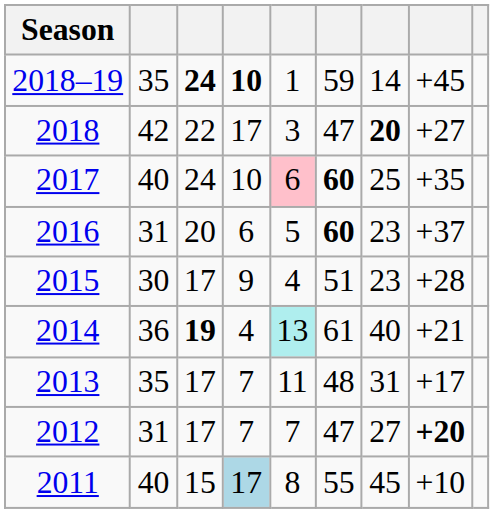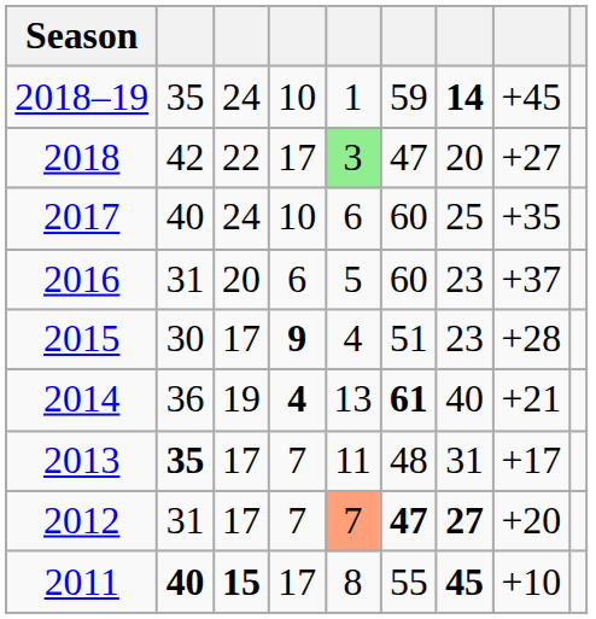 <table class="wikitable" style="text-align:center;">
 <tr>
 <th>Season</th>
 <th></th>
 <th></th>
 <th></th>
 <th></th>
 <th></th>
 <th></th>
 <th></th>
 <th></th>
 </tr>
 <tr>
 <td><a href='#'>2018–19</a></td>
 <td>35</td>
-<td><strong>24</strong></td>
-<td><strong>10</strong></td>
+<td>24</td>
+<td>10</td>
 <td>1</td>
 <td>59</td>
-<td>14</td>
+<td><strong>14</strong></td>
 <td>+45</td>
 <td></td>
 </tr>
 <tr>
 <td><a href='#'>2018</a></td>
 <td>42</td>
 <td>22</td>
 <td>17</td>
-<td>3</td>
+<td style="background: lightgreen;">3</td>
 <td>47</td>
-<td><strong>20</strong></td>
+<td>20</td>
 <td>+27</td>
 <td></td>
 </tr>
 <tr>
 <td><a href='#'>2017</a></td>
 <td>40</td>
 <td>24</td>
 <td>10</td>
-<td style="background: pink;">6</td>
-<td><strong>60</strong></td>
+<td>6</td>
+<td>60</td>
 <td>25</td>
 <td>+35</td>
 <td></td>
 </tr>
 <tr>
 <td><a href='#'>2016</a></td>
 <td>31</td>
 <td>20</td>
 <td>6</td>
 <td>5</td>
-<td><strong>60</strong></td>
+<td>60</td>
 <td>23</td>
 <td>+37</td>
 <td></td>
 </tr>
 <tr>
 <td><a href='#'>2015</a></td>
 <td>30</td>
 <td>17</td>
-<td>9</td>
+<td><strong>9</strong></td>
 <td>4</td>
 <td>51</td>
 <td>23</td>
 <td>+28</td>
 <td></td>
 </tr>
 <tr>
 <td><a href='#'>2014</a></td>
 <td>36</td>
-<td><strong>19</strong></td>
-<td>4</td>
-<td style="background: paleturquoise;">13</td>
-<td>61</td>
+<td>19</td>
+<td><strong>4</strong></td>
+<td>13</td>
+<td><strong>61</strong></td>
 <td>40</td>
 <td>+21</td>
 <td></td>
 </tr>
 <tr>
 <td><a href='#'>2013</a></td>
-<td>35</td>
+<td><strong>35</strong></td>
 <td>17</td>
 <td>7</td>
 <td>11</td>
 <td>48</td>
 <td>31</td>
 <td>+17</td>
 <td></td>
 </tr>
 <tr>
 <td><a href='#'>2012</a></td>
 <td>31</td>
 <td>17</td>
 <td>7</td>
-<td>7</td>
-<td>47</td>
-<td>27</td>
-<td><strong>+20</strong></td>
+<td style="background: lightsalmon;">7</td>
+<td><strong>47</strong></td>
+<td><strong>27</strong></td>
+<td>+20</td>
 <td></td>
 </tr>
 <tr>
 <td><a href='#'>2011</a></td>
-<td>40</td>
-<td>15</td>
-<td style="background: lightblue;">17</td>
+<td><strong>40</strong></td>
+<td><strong>15</strong></td>
+<td>17</td>
 <td>8</td>
 <td>55</td>
-<td>45</td>
+<td><strong>45</strong></td>
 <td>+10</td>
 <td></td>
 </tr>
 </table>
